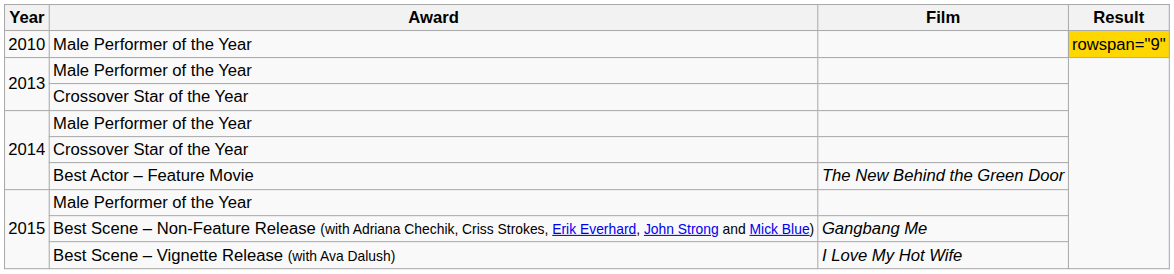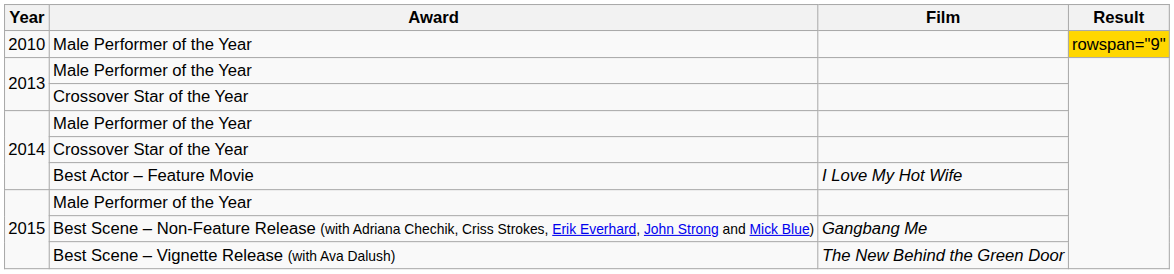 <table class="wikitable">
 <tr>
 <th>Year</th>
 <th>Award</th>
 <th>Film</th>
 <th>Result</th>
 </tr>
 <tr>
 <td>2010</td>
 <td>Male Performer of the Year</td>
 <td></td>
 <td style="background: gold;">rowspan="9" </td>
 </tr>
 <tr>
 <td rowspan="2">2013</td>
 <td>Male Performer of the Year</td>
 <td></td>
 </tr>
 <tr>
 <td>Crossover Star of the Year</td>
 <td></td>
 </tr>
 <tr>
 <td rowspan="3">2014</td>
 <td>Male Performer of the Year</td>
 <td></td>
 </tr>
 <tr>
 <td>Crossover Star of the Year</td>
 <td></td>
 </tr>
 <tr>
 <td>Best Actor – Feature Movie</td>
-<td><em>The New Behind the Green Door</em></td>
+<td><em>I Love My Hot Wife</em></td>
 </tr>
 <tr>
 <td rowspan="3">2015</td>
 <td>Male Performer of the Year</td>
 <td></td>
 </tr>
 <tr>
 <td>Best Scene – Non-Feature Release <small>(with Adriana Chechik, Criss Strokes, <a href='#'>Erik Everhard</a>, <a href='#'>John Strong</a> and <a href='#'>Mick Blue</a>)</small></td>
 <td><em>Gangbang Me</em></td>
 </tr>
 <tr>
 <td>Best Scene – Vignette Release <small>(with Ava Dalush)</small></td>
-<td><em>I Love My Hot Wife</em></td>
+<td><em>The New Behind the Green Door</em></td>
 </tr>
 </table>
